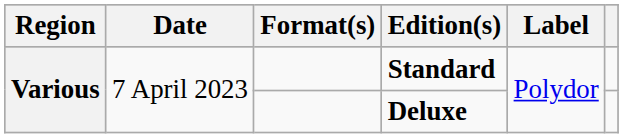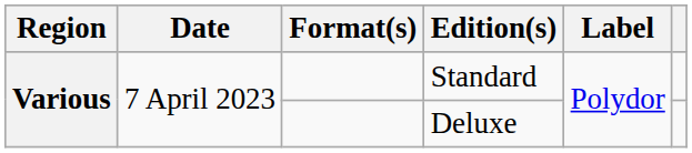 <table class="wikitable plainrowheaders">
 <tr>
 <th scope="col">Region</th>
 <th scope="col">Date</th>
 <th scope="col">Format(s)</th>
 <th scope="col">Edition(s)</th>
 <th scope="col">Label</th>
 <th scope="col"></th>
 </tr>
 <tr>
 <th scope="row" rowspan="2">Various</th>
 <td rowspan="2">7 April 2023</td>
 <td></td>
-<td><strong>Standard</strong></td>
+<td>Standard</td>
 <td rowspan="2"><a href='#'>Polydor</a></td>
 <td align="center"></td>
 </tr>
 <tr>
 <td></td>
-<td><strong>Deluxe</strong></td>
+<td>Deluxe</td>
 <td align="center"></td>
 </tr>
 </table>
